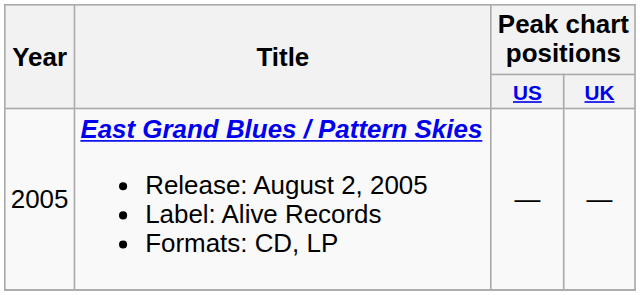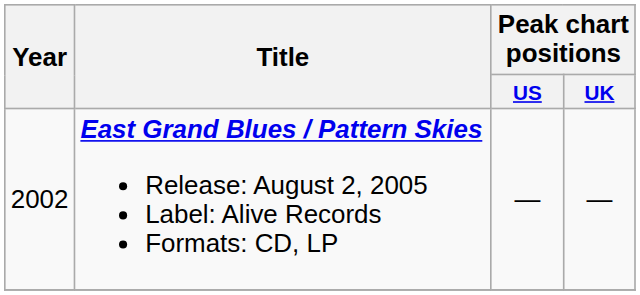 <table class="wikitable">
 <tr>
 <th rowspan="2">Year</th>
 <th rowspan="2" width="250">Title</th>
 <th colspan="2">Peak chart positions</th>
 </tr>
 <tr>
 <th style="width:3em;font-size:80%"><a href='#'>US</a><br></th>
 <th style="width:3em;font-size:80%"><a href='#'>UK</a><br></th>
 </tr>
 <tr>
-<td rowspan="1" align="center">2005</td>
+<td rowspan="1" align="center">2002</td>
 <td><strong><em><a href='#'>East Grand Blues / Pattern Skies</a></em></strong><br><ul><li>Release:  August 2, 2005</li><li>Label: Alive Records</li><li>Formats: CD, LP</li></ul></td>
 <td align="center">—</td>
 <td align="center">—</td>
 </tr>
 <tr>
 </tr>
 </table>
